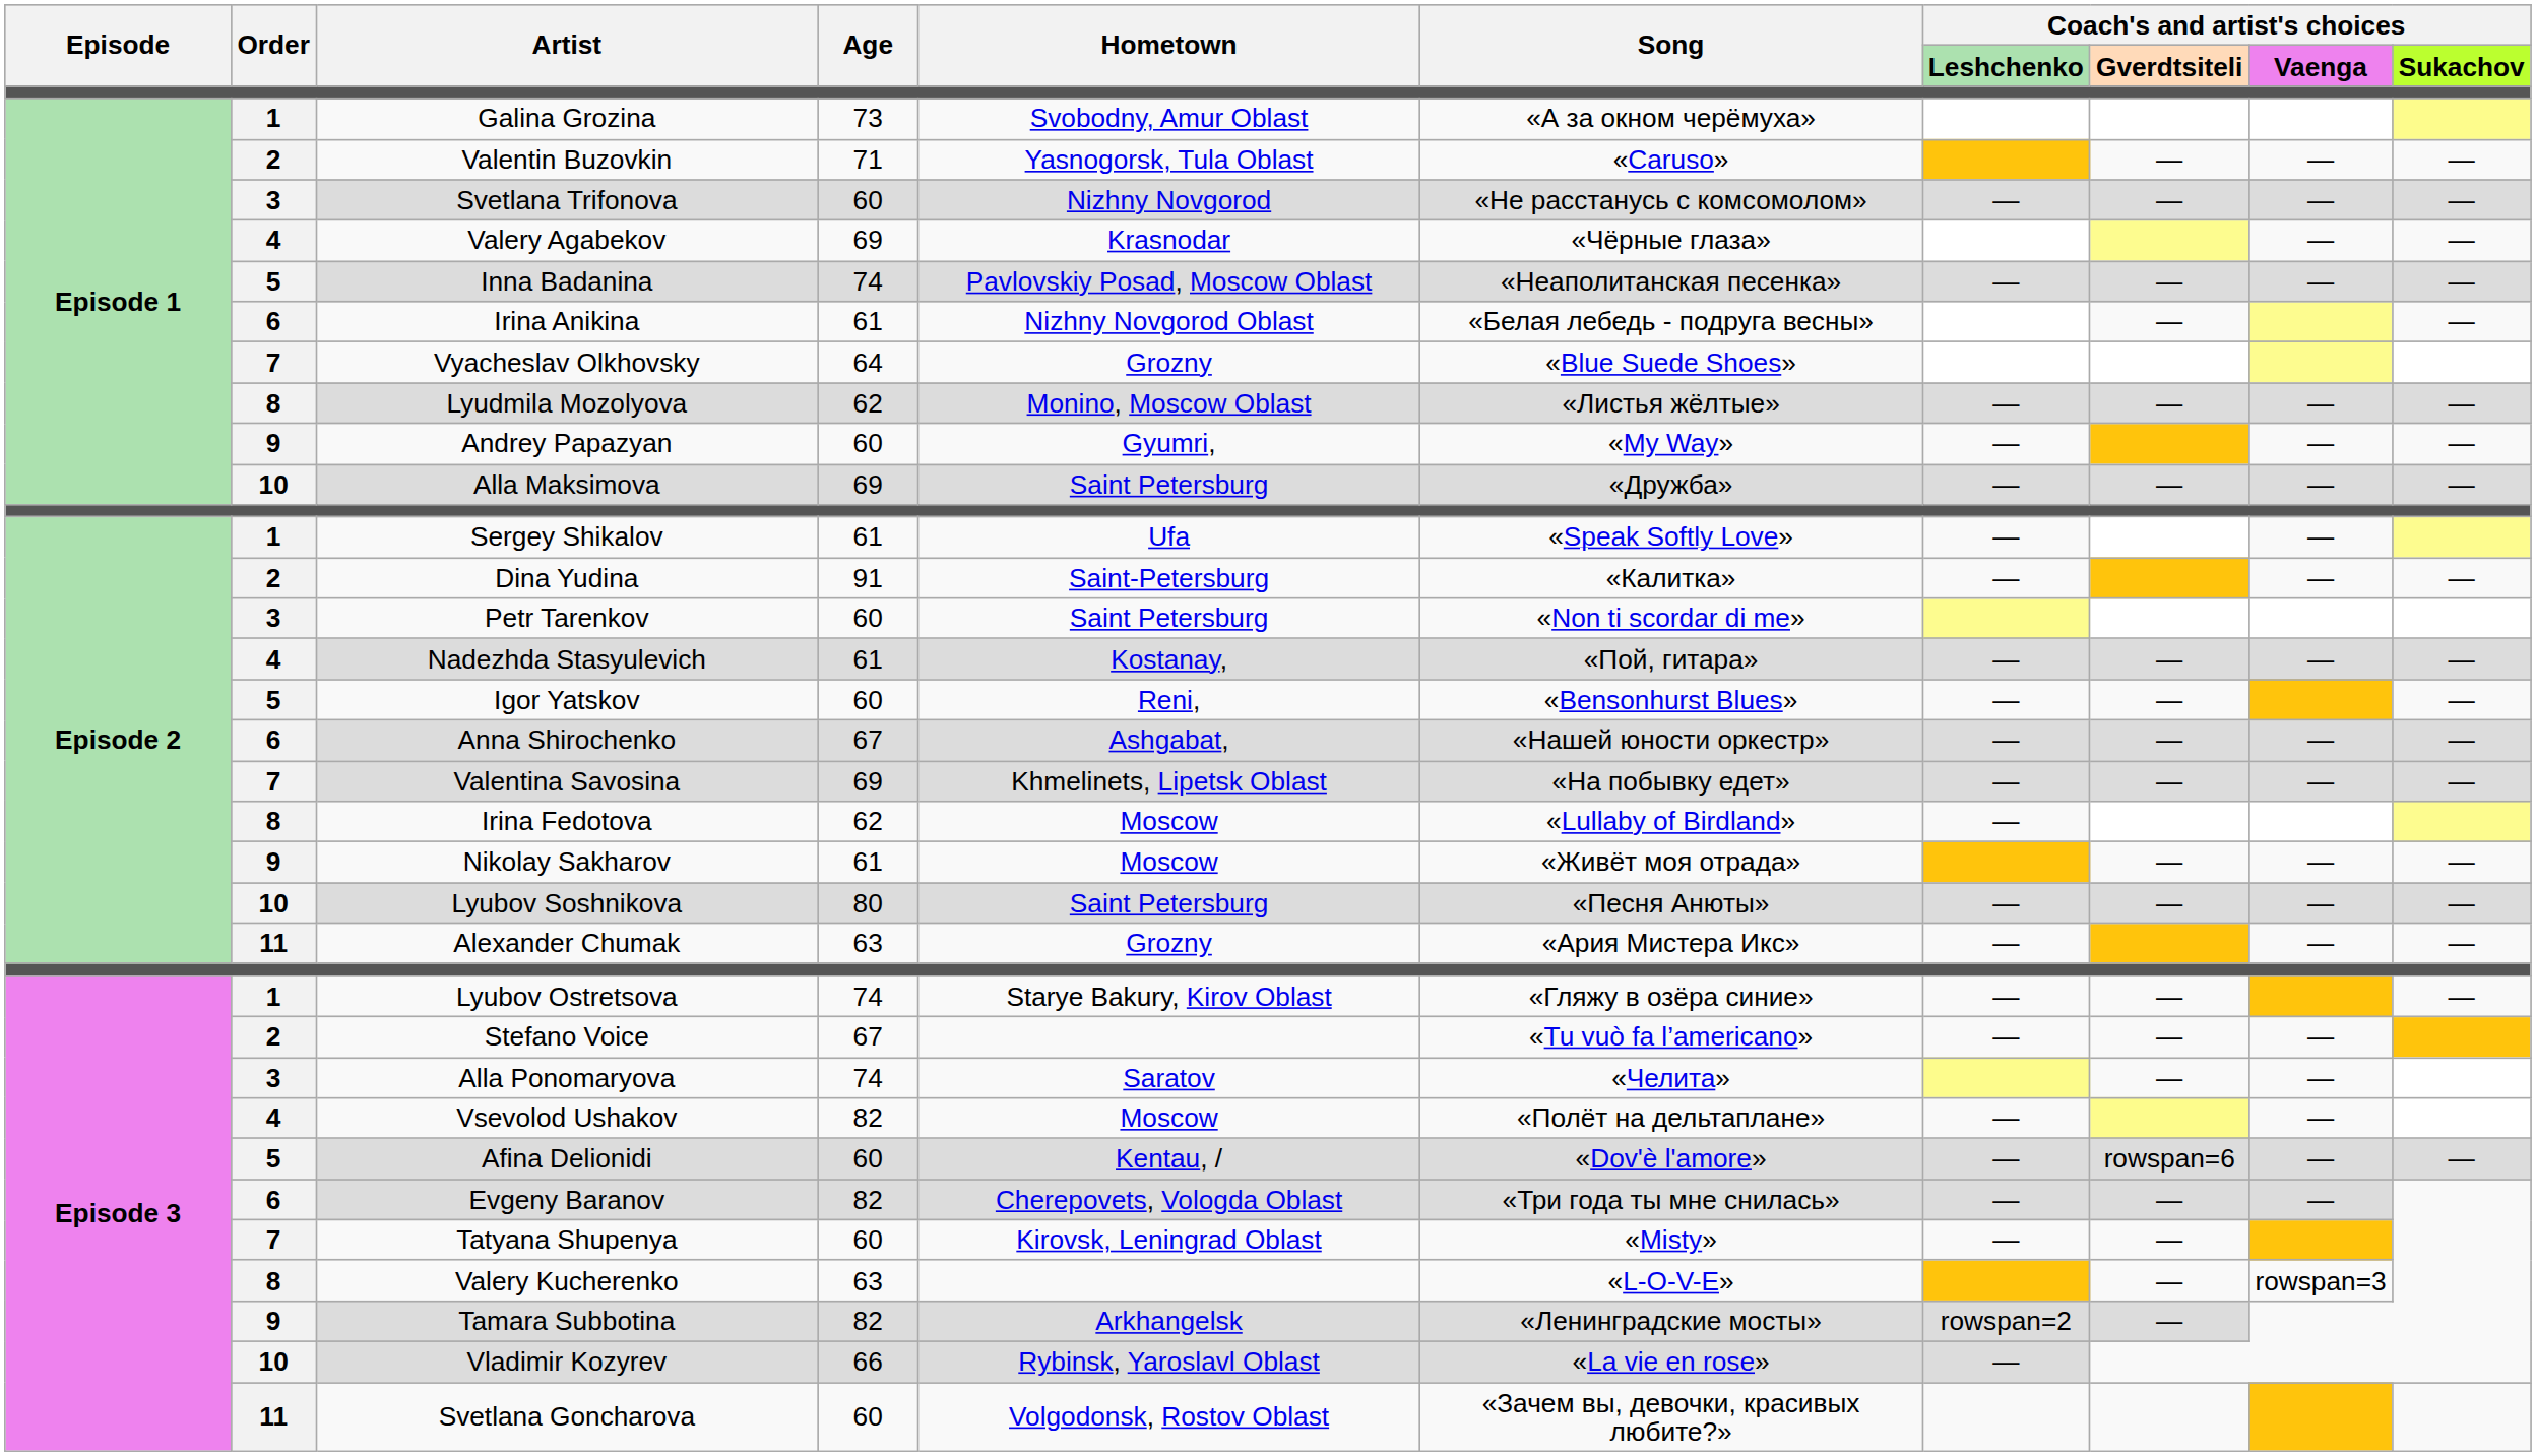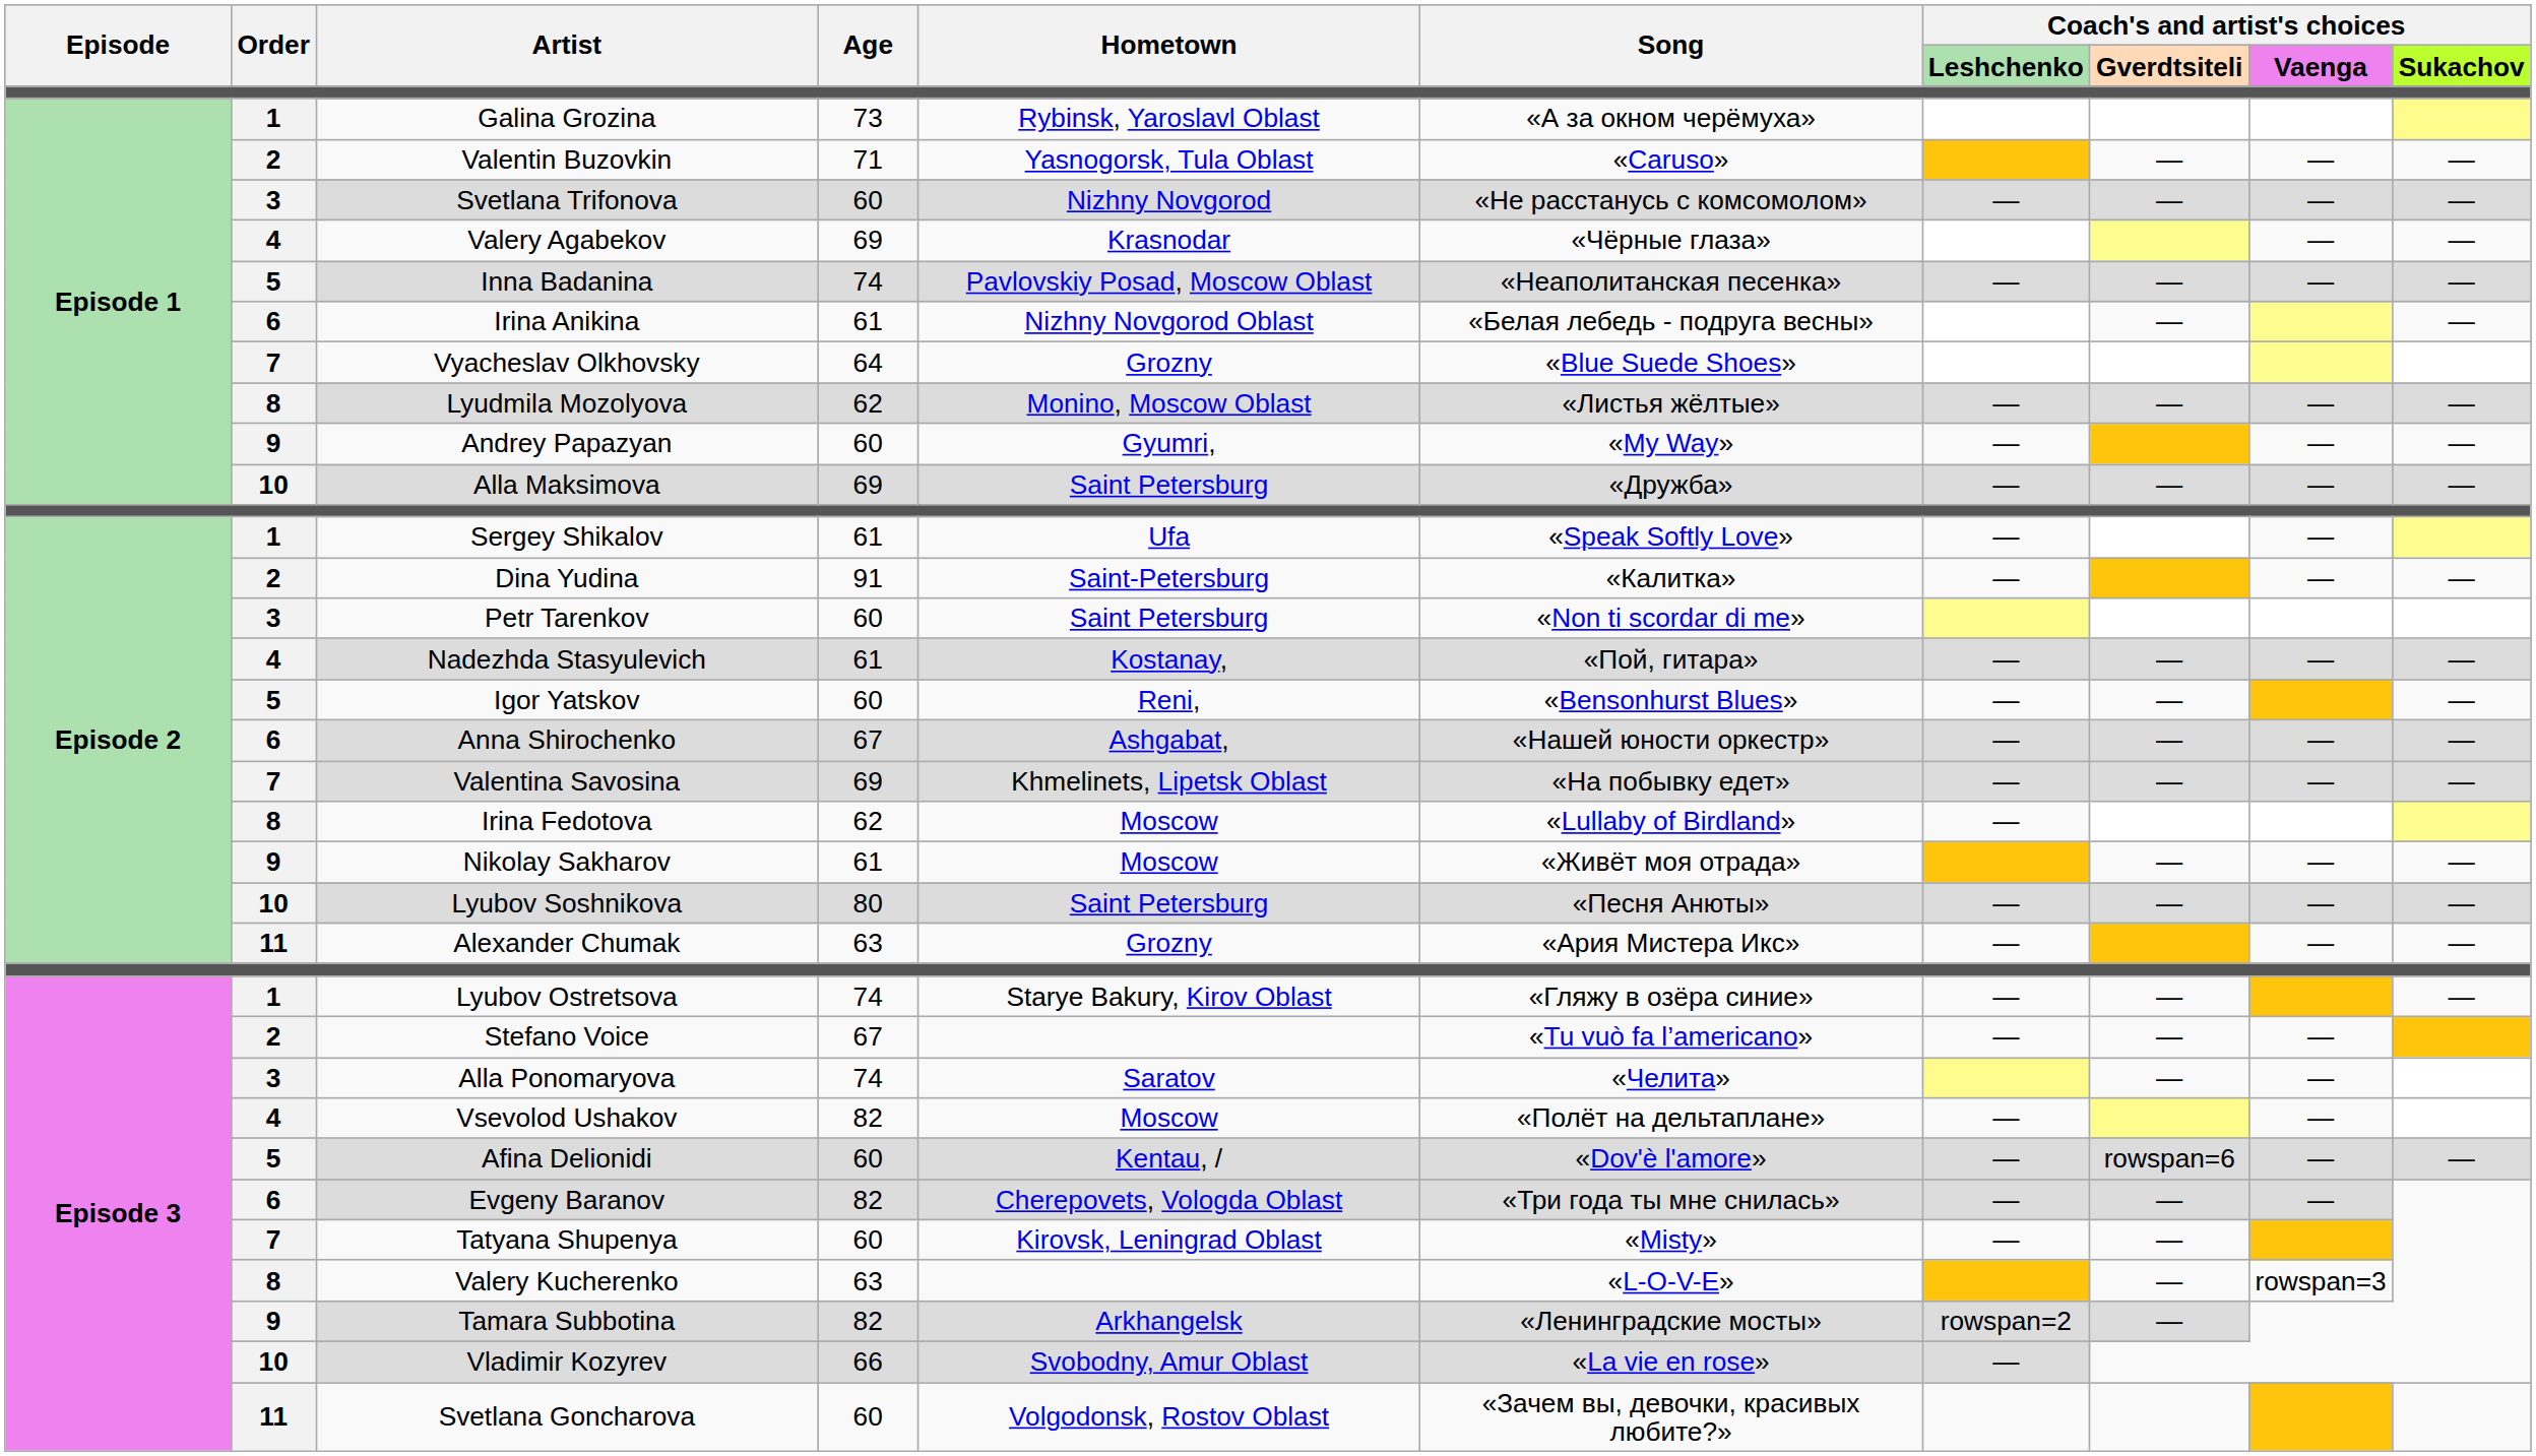 <table class="wikitable" style="text-align:center; line-height:17px; width:120%">
 <tr>
 <th rowspan="2" scope="col" style="width:09%">Episode</th>
 <th rowspan="2" scope="col" style="width:03%">Order</th>
 <th rowspan="2" scope="col" style="width:20%">Artist</th>
 <th rowspan="2" scope="col" style="width:04%">Age</th>
 <th rowspan="2" scope="col" style="width:20%">Hometown</th>
 <th rowspan="2" scope="col" style="width:20%">Song</th>
 <th colspan="4" scope="col" style="width:24%">Coach's and artist's choices</th>
 </tr>
 <tr>
 <th style="background:#ace1af;">Leshchenko</th>
 <th style="background:#FFDAB9;">Gverdtsiteli</th>
 <th style="background:#EE82EE;">Vaenga</th>
 <th style="background:#bbff2f;">Sukachov</th>
 </tr>
 <tr>
 <td colspan="10" style="background:#555"></td>
 </tr>
 <tr>
 <td rowspan="10" style="background:#ace1af; "><strong>Episode 1</strong> <br></td>
 <th>1</th>
 <td>Galina Grozina</td>
 <td>73</td>
-<td><a href='#'>Svobodny, Amur Oblast</a></td>
+<td><a href='#'>Rybinsk</a>, <a href='#'>Yaroslavl Oblast</a></td>
 <td>«А за окном черёмуха»</td>
 <td style="background-color:white;"><strong></strong></td>
 <td style="background-color:white;"><strong></strong></td>
 <td style="background-color:white;"><strong></strong></td>
 <td style="background-color:#fdfc8c;"><strong></strong></td>
 </tr>
 <tr>
 <th>2</th>
 <td>Valentin Buzovkin</td>
 <td>71</td>
 <td><a href='#'>Yasnogorsk, Tula Oblast</a></td>
 <td>«<a href='#'>Caruso</a>»</td>
 <td style="background-color:#FFC40C;"><strong></strong></td>
 <td>—</td>
 <td>—</td>
 <td>—</td>
 </tr>
 <tr style="background-color:#DCDCDC;"|>
 <th>3</th>
 <td>Svetlana Trifonova</td>
 <td>60</td>
 <td><a href='#'>Nizhny Novgorod</a></td>
 <td>«Не расстанусь с комсомолом»</td>
 <td>—</td>
 <td>—</td>
 <td>—</td>
 <td>—</td>
 </tr>
 <tr>
 <th>4</th>
 <td>Valery Agabekov</td>
 <td>69</td>
 <td><a href='#'>Krasnodar</a></td>
 <td>«Чёрные глаза»</td>
 <td style="background-color:white;"><strong></strong></td>
 <td style="background-color:#fdfc8f;"><strong></strong></td>
 <td>—</td>
 <td>—</td>
 </tr>
 <tr style="background-color:#DCDCDC;"|>
 <th>5</th>
 <td>Inna Badanina</td>
 <td>74</td>
 <td><a href='#'>Pavlovskiy Posad</a>, <a href='#'>Moscow Oblast</a></td>
 <td style="background-color:#DCDCDC;">«Неаполитанская песенка»</td>
 <td>—</td>
 <td>—</td>
 <td>—</td>
 <td>—</td>
 </tr>
 <tr>
 <th>6</th>
 <td>Irina Anikina</td>
 <td>61</td>
 <td><a href='#'>Nizhny Novgorod Oblast</a></td>
 <td>«Белая лебедь - подруга весны»</td>
 <td style="background-color:white;"><strong></strong></td>
 <td>—</td>
 <td style="background-color:#fdfc8f;"><strong></strong></td>
 <td>—</td>
 </tr>
 <tr>
 <th>7</th>
 <td>Vyacheslav Olkhovsky</td>
 <td>64</td>
 <td><a href='#'>Grozny</a></td>
 <td>«<a href='#'>Blue Suede Shoes</a>»</td>
 <td style="background-color:white;"><strong></strong></td>
 <td style="background-color:white;"><strong></strong></td>
 <td style="background-color:#fdfc8f;"><strong></strong></td>
 <td style="background-color:white;"><strong></strong></td>
 </tr>
 <tr style="background-color:#DCDCDC;"|>
 <th>8</th>
 <td>Lyudmila Mozolyova</td>
 <td>62</td>
 <td><a href='#'>Monino</a>, <a href='#'>Moscow Oblast</a></td>
 <td>«Листья жёлтые»</td>
 <td>—</td>
 <td>—</td>
 <td>—</td>
 <td>—</td>
 </tr>
 <tr>
 <th>9</th>
 <td>Andrey Papazyan</td>
 <td>60</td>
 <td><a href='#'>Gyumri</a>, </td>
 <td>«<a href='#'>My Way</a>»</td>
 <td>—</td>
 <td style="background-color:#FFC40C;"><strong></strong></td>
 <td>—</td>
 <td>—</td>
 </tr>
 <tr style="background-color:#DCDCDC;"|>
 <th>10</th>
 <td>Alla Maksimova</td>
 <td>69</td>
 <td><a href='#'>Saint Petersburg</a></td>
 <td>«Дружба»</td>
 <td>—</td>
 <td>—</td>
 <td>—</td>
 <td>—</td>
 </tr>
 <tr>
 <td colspan="10" style="background:#555"></td>
 </tr>
 <tr>
 <td rowspan="11" style="background:#ace1af; "><strong>Episode 2</strong> <br></td>
 <th>1</th>
 <td>Sergey Shikalov</td>
 <td>61</td>
 <td><a href='#'>Ufa</a></td>
 <td>«<a href='#'>Speak Softly Love</a>»</td>
 <td>—</td>
 <td style="background-color:white;"><strong></strong></td>
 <td>—</td>
 <td style="background-color: #fdfc8f;"><strong></strong></td>
 </tr>
 <tr>
 <th>2</th>
 <td>Dina Yudina</td>
 <td>91</td>
 <td><a href='#'>Saint-Petersburg</a></td>
 <td>«Калитка»</td>
 <td>—</td>
 <td style="background-color:#FFC40C;"><strong></strong></td>
 <td>—</td>
 <td>—</td>
 </tr>
 <tr>
 <th>3</th>
 <td>Petr Tarenkov</td>
 <td>60</td>
 <td><a href='#'>Saint Petersburg</a></td>
 <td>«<a href='#'>Non ti scordar di me</a>»</td>
 <td style="background-color: #fdfc8f;"><strong></strong></td>
 <td style="background-color:white;"><strong></strong></td>
 <td style="background-color:white;"><strong></strong></td>
 <td style="background-color:white;"><strong></strong></td>
 </tr>
 <tr style="background-color:#DCDCDC;"|>
 <th>4</th>
 <td>Nadezhda Stasyulevich</td>
 <td>61</td>
 <td><a href='#'>Kostanay</a>, </td>
 <td>«Пой, гитара»</td>
 <td>—</td>
 <td>—</td>
 <td>—</td>
 <td>—</td>
 </tr>
 <tr>
 <th>5</th>
 <td>Igor Yatskov</td>
 <td>60</td>
 <td><a href='#'>Reni</a>, </td>
 <td>«<a href='#'>Bensonhurst Blues</a>»</td>
 <td>—</td>
 <td>—</td>
 <td style="background-color:#FFC40C;"><strong></strong></td>
 <td>—</td>
 </tr>
 <tr style="background-color:#DCDCDC;"|>
 <th>6</th>
 <td>Anna Shirochenko</td>
 <td>67</td>
 <td><a href='#'>Ashgabat</a>, </td>
 <td>«Нашей юности оркестр»</td>
 <td>—</td>
 <td>—</td>
 <td>—</td>
 <td>—</td>
 </tr>
 <tr style="background-color:#DCDCDC;"|>
 <th>7</th>
 <td>Valentina Savosina</td>
 <td>69</td>
 <td>Khmelinets, <a href='#'>Lipetsk Oblast</a></td>
 <td>«На побывку едет»</td>
 <td>—</td>
 <td>—</td>
 <td>—</td>
 <td>—</td>
 </tr>
 <tr>
 <th>8</th>
 <td>Irina Fedotova</td>
 <td>62</td>
 <td><a href='#'>Moscow</a></td>
 <td>«<a href='#'>Lullaby of Birdland</a>»</td>
 <td>—</td>
 <td style="background-color:white;"><strong></strong></td>
 <td style="background-color:white;"><strong></strong></td>
 <td style="background-color:#fdfc8f;"><strong></strong></td>
 </tr>
 <tr>
 <th>9</th>
 <td>Nikolay Sakharov</td>
 <td>61</td>
 <td><a href='#'>Moscow</a></td>
 <td>«Живёт моя отрада»</td>
 <td style="background-color:#FFC40C;"><strong></strong></td>
 <td>—</td>
 <td>—</td>
 <td>—</td>
 </tr>
 <tr style="background-color:#DCDCDC;"|>
 <th>10</th>
 <td>Lyubov Soshnikova</td>
 <td>80</td>
 <td><a href='#'>Saint Petersburg</a></td>
 <td>«Песня Анюты»</td>
 <td>—</td>
 <td>—</td>
 <td>—</td>
 <td>—</td>
 </tr>
 <tr>
 <th>11</th>
 <td>Alexander Chumak</td>
 <td>63</td>
 <td><a href='#'>Grozny</a></td>
 <td>«Ария Мистера Икс»</td>
 <td>—</td>
 <td style="background-color:#FFC40C;"><strong></strong></td>
 <td>—</td>
 <td>—</td>
 </tr>
 <tr>
 <td colspan="10" style="background:#555"></td>
 </tr>
 <tr>
 <td rowspan="11" style="background:#EE82EE; "><strong>Episode 3</strong> <br></td>
 <th>1</th>
 <td>Lyubov Ostretsova</td>
 <td>74</td>
 <td>Starye Bakury, <a href='#'>Kirov Oblast</a></td>
 <td>«Гляжу в озёра синие»</td>
 <td>—</td>
 <td>—</td>
 <td style="background-color:#FFC40C;"><strong></strong></td>
 <td>—</td>
 </tr>
 <tr>
 <th>2</th>
 <td>Stefano Voice</td>
 <td>67</td>
 <td></td>
 <td>«<a href='#'>Tu vuò fa l’americano</a>»</td>
 <td>—</td>
 <td>—</td>
 <td>—</td>
 <td style="background-color:#FFC40C;"><strong></strong></td>
 </tr>
 <tr>
 <th>3</th>
 <td>Alla Ponomaryova</td>
 <td>74</td>
 <td><a href='#'>Saratov</a></td>
 <td>«<a href='#'>Челита</a>»</td>
 <td style="background-color:#fdfc8c;"><strong></strong></td>
 <td>—</td>
 <td>—</td>
 <td style="background-color:white;"><strong></strong></td>
 </tr>
 <tr>
 <th>4</th>
 <td>Vsevolod Ushakov</td>
 <td>82</td>
 <td><a href='#'>Moscow</a></td>
 <td>«Полёт на дельтаплане»</td>
 <td>—</td>
 <td style="background-color:#fdfc8c;"><strong></strong></td>
 <td>—</td>
 <td style="background-color:white;"><strong></strong></td>
 </tr>
 <tr style="background-color:#DCDCDC;"|>
 <th>5</th>
 <td>Afina Delionidi</td>
 <td>60</td>
 <td><a href='#'>Kentau</a>,  / </td>
 <td>«<a href='#'>Dov'è l'amore</a>»</td>
 <td>—</td>
 <td>rowspan=6 </td>
 <td>—</td>
 <td>—</td>
 </tr>
 <tr style="background-color:#DCDCDC;"|>
 <th>6</th>
 <td>Evgeny Baranov</td>
 <td>82</td>
 <td><a href='#'>Cherepovets</a>, <a href='#'>Vologda Oblast</a></td>
 <td>«Три года ты мне снилась»</td>
 <td>—</td>
 <td>—</td>
 <td>—</td>
 </tr>
 <tr>
 <th>7</th>
 <td>Tatyana Shupenya</td>
 <td>60</td>
 <td><a href='#'>Kirovsk, Leningrad Oblast</a></td>
 <td>«<a href='#'>Misty</a>»</td>
 <td>—</td>
 <td>—</td>
 <td style="background-color:#FFC40C;"><strong></strong></td>
 </tr>
 <tr>
 <th>8</th>
 <td>Valery Kucherenko</td>
 <td>63</td>
 <td></td>
 <td>«<a href='#'>L-O-V-E</a>»</td>
 <td style="background-color:#FFC40C;"><strong></strong></td>
 <td>—</td>
 <td>rowspan=3 </td>
 </tr>
 <tr style="background-color:#DCDCDC;"|>
 <th>9</th>
 <td>Tamara Subbotina</td>
 <td>82</td>
 <td><a href='#'>Arkhangelsk</a></td>
 <td>«Ленинградские мосты»</td>
 <td>rowspan=2 </td>
 <td>—</td>
 </tr>
 <tr style="background-color:#DCDCDC;"|>
 <th>10</th>
 <td>Vladimir Kozyrev</td>
 <td>66</td>
-<td><a href='#'>Rybinsk</a>, <a href='#'>Yaroslavl Oblast</a></td>
+<td><a href='#'>Svobodny, Amur Oblast</a></td>
 <td>«<a href='#'>La vie en rose</a>»</td>
 <td>—</td>
 </tr>
 <tr>
 <th>11</th>
 <td>Svetlana Goncharova</td>
 <td>60</td>
 <td><a href='#'>Volgodonsk</a>, <a href='#'>Rostov Oblast</a></td>
 <td>«Зачем вы, девочки, красивых любите?»</td>
 <td><strong></strong></td>
 <td><strong></strong></td>
 <td style="background-color:#FFC40C;"><strong></strong></td>
 <td><strong></strong></td>
 </tr>
 </table>
